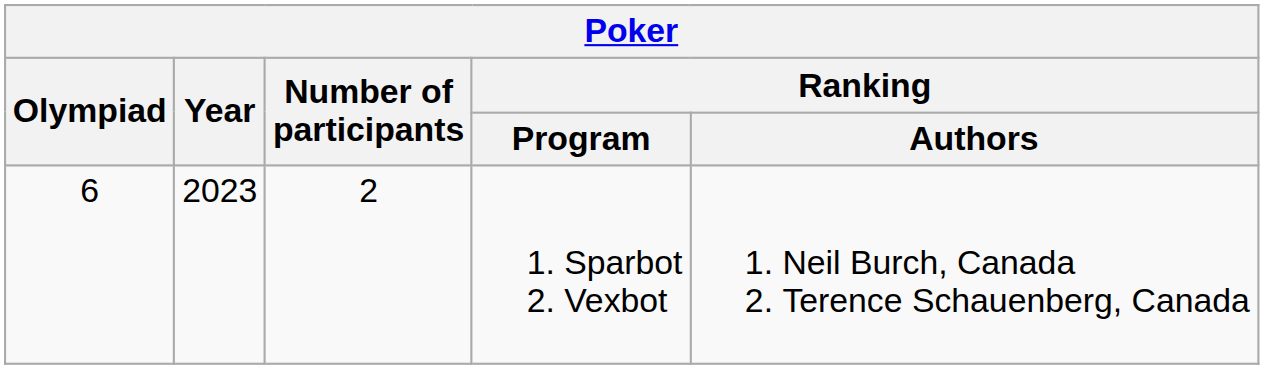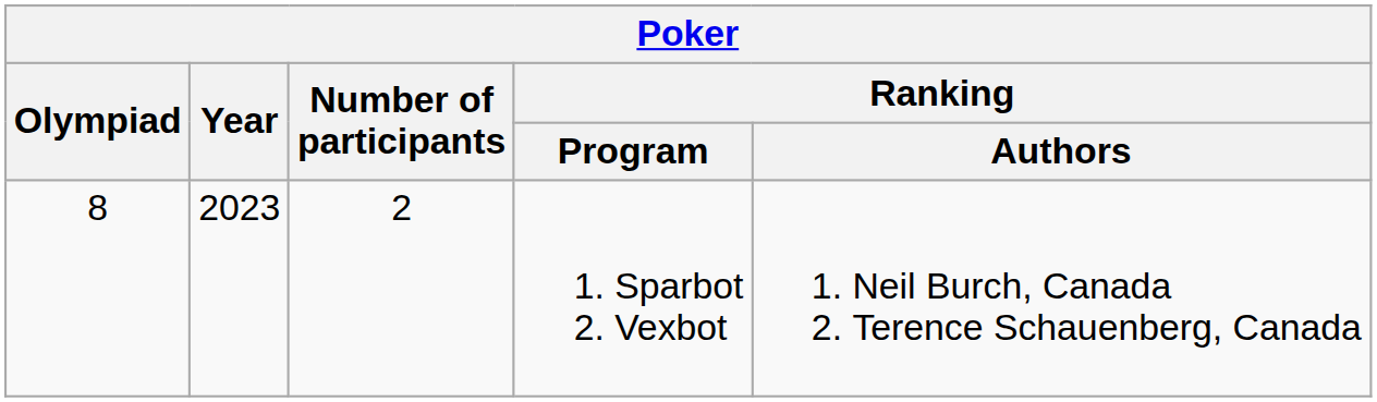 <table class="wikitable">
 <tr align="center">
 <th colspan=5><a href='#'>Poker</a></th>
 </tr>
 <tr>
 <th rowspan=2>Olympiad</th>
 <th rowspan=2>Year</th>
 <th rowspan=2>Number of<br>participants</th>
 <th colspan=2>Ranking</th>
 </tr>
 <tr align="center">
 <th>Program</th>
 <th>Authors</th>
 </tr>
 <tr align="center" valign="top">
-<td>6</td>
+<td>8</td>
 <td>2023</td>
 <td>2</td>
 <td align="left"><br><ol><li>Sparbot</li><li>Vexbot</li></ol></td>
 <td align=left><br><ol><li>Neil Burch, Canada</li><li>Terence Schauenberg, Canada</li></ol></td>
 </tr>
 </table>
